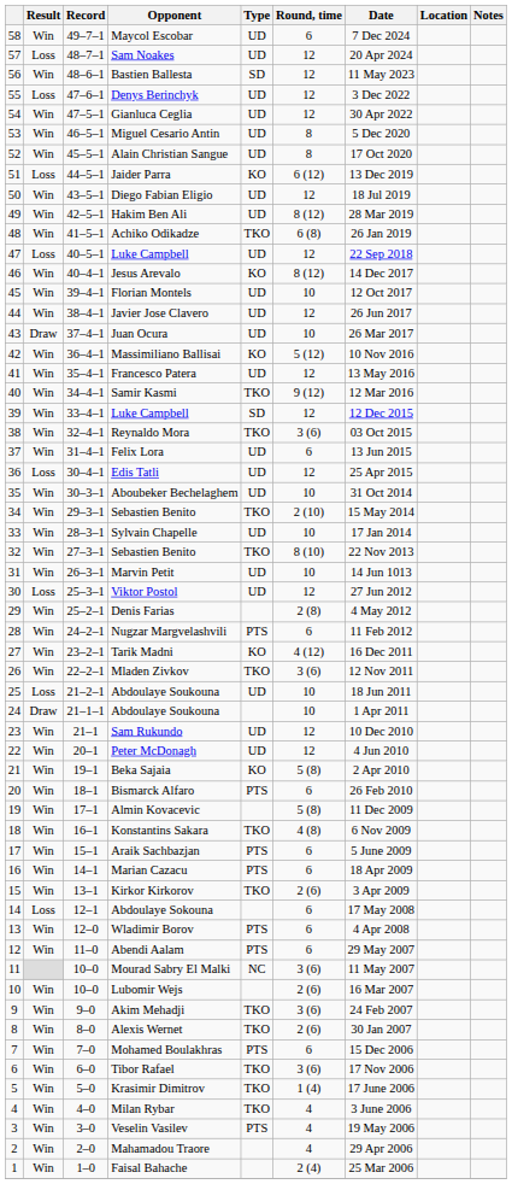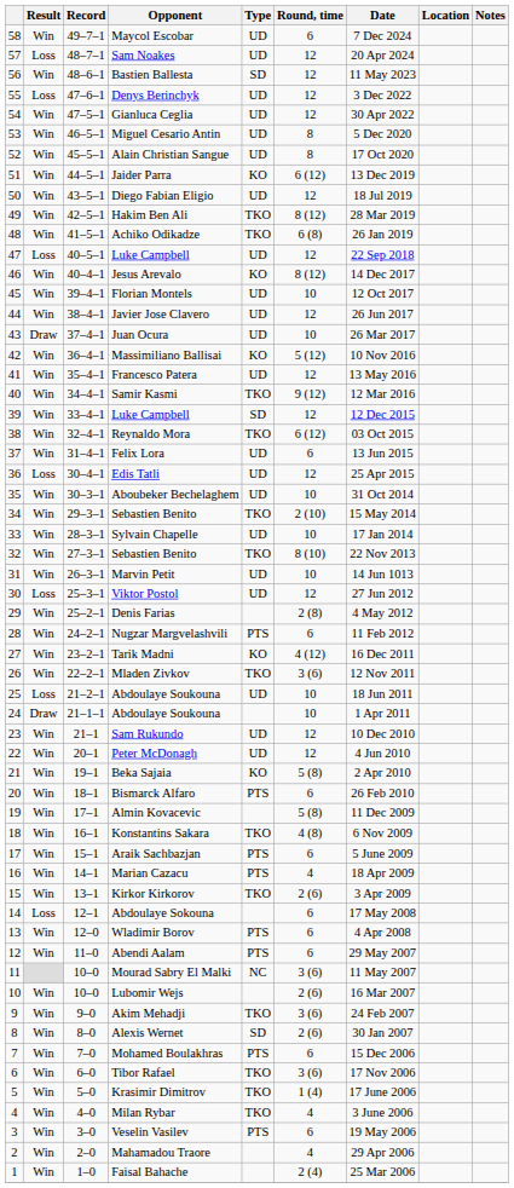 <table class="wikitable" style="text-align:center">
 <tr>
 <th></th>
 <th>Result</th>
 <th>Record</th>
 <th>Opponent</th>
 <th>Type</th>
 <th>Round, time</th>
 <th>Date</th>
 <th>Location</th>
 <th>Notes</th>
 </tr>
 <tr>
 <td>58</td>
 <td>Win</td>
 <td>49–7–1 </td>
 <td align="left">Maycol Escobar</td>
 <td>UD</td>
 <td>6</td>
 <td>7 Dec 2024</td>
 <td align=left></td>
 <td></td>
 </tr>
 <tr>
 <td>57</td>
 <td>Loss</td>
 <td>48–7–1 </td>
 <td align="left"><a href='#'>Sam Noakes</a></td>
 <td>UD</td>
 <td>12</td>
 <td>20 Apr 2024</td>
 <td align="left"></td>
 <td></td>
 </tr>
 <tr>
 <td>56</td>
 <td>Win</td>
 <td>48–6–1 </td>
 <td align=left>Bastien Ballesta</td>
 <td>SD</td>
 <td>12</td>
 <td>11 May 2023</td>
 <td align=left></td>
 <td style="text-align:left;"></td>
 </tr>
 <tr>
 <td>55</td>
 <td>Loss</td>
 <td>47–6–1 </td>
 <td align=left><a href='#'>Denys Berinchyk</a></td>
 <td>UD</td>
 <td>12</td>
 <td>3 Dec 2022</td>
 <td align=left></td>
 <td style="text-align:left;"></td>
 </tr>
 <tr>
 <td>54</td>
 <td>Win</td>
 <td>47–5–1 </td>
 <td align=left>Gianluca Ceglia</td>
 <td>UD</td>
 <td>12</td>
 <td>30 Apr 2022</td>
 <td align=left></td>
 <td style="text-align:left;"></td>
 </tr>
 <tr>
 <td>53</td>
 <td>Win</td>
 <td>46–5–1 </td>
 <td align=left>Miguel Cesario Antin</td>
 <td>UD</td>
 <td>8</td>
 <td>5 Dec 2020</td>
 <td align=left></td>
 <td></td>
 </tr>
 <tr>
 <td>52</td>
 <td>Win</td>
 <td>45–5–1 </td>
 <td align=left>Alain Christian Sangue</td>
 <td>UD</td>
 <td>8</td>
 <td>17 Oct 2020</td>
 <td align=left></td>
 <td></td>
 </tr>
 <tr>
 <td>51</td>
-<td>Loss</td>
+<td>Win</td>
 <td>44–5–1 </td>
 <td align=left>Jaider Parra</td>
 <td>KO</td>
 <td>6 (12)</td>
 <td>13 Dec 2019</td>
 <td align=left></td>
 <td></td>
 </tr>
 <tr>
 <td>50</td>
 <td>Win</td>
 <td>43–5–1 </td>
 <td align=left>Diego Fabian Eligio</td>
 <td>UD</td>
 <td>12</td>
 <td>18 Jul 2019</td>
 <td align=left></td>
 <td align=left></td>
 </tr>
 <tr>
 <td>49</td>
 <td>Win</td>
 <td>42–5–1 </td>
 <td align=left>Hakim Ben Ali</td>
-<td>UD</td>
+<td>TKO</td>
 <td>8 (12)</td>
 <td>28 Mar 2019</td>
 <td align=left></td>
 <td align=left></td>
 </tr>
 <tr>
 <td>48</td>
 <td>Win</td>
 <td>41–5–1 </td>
 <td align=left>Achiko Odikadze</td>
 <td>TKO</td>
 <td>6 (8)</td>
 <td>26 Jan 2019</td>
 <td align=left></td>
 <td></td>
 </tr>
 <tr>
 <td>47</td>
 <td>Loss</td>
 <td>40–5–1 </td>
 <td align=left><a href='#'>Luke Campbell</a></td>
 <td>UD</td>
 <td>12</td>
 <td><a href='#'>22 Sep 2018</a></td>
 <td align=left></td>
 <td></td>
 </tr>
 <tr>
 <td>46</td>
 <td>Win</td>
 <td>40–4–1 </td>
 <td align=left>Jesus Arevalo</td>
 <td>KO</td>
 <td>8 (12)</td>
 <td>14 Dec 2017</td>
 <td align=left></td>
 <td align=left></td>
 </tr>
 <tr>
 <td>45</td>
 <td>Win</td>
 <td>39–4–1 </td>
 <td align=left>Florian Montels</td>
 <td>UD</td>
 <td>10</td>
 <td>12 Oct 2017</td>
 <td align=left></td>
 <td></td>
 </tr>
 <tr>
 <td>44</td>
 <td>Win</td>
 <td>38–4–1 </td>
 <td align=left>Javier Jose Clavero</td>
 <td>UD</td>
 <td>12</td>
 <td>26 Jun 2017</td>
 <td align=left></td>
 <td align=left></td>
 </tr>
 <tr>
 <td>43</td>
 <td>Draw</td>
 <td>37–4–1 </td>
 <td align=left>Juan Ocura</td>
 <td>UD</td>
 <td>10</td>
 <td>26 Mar 2017</td>
 <td align=left></td>
 <td></td>
 </tr>
 <tr>
 <td>42</td>
 <td>Win</td>
 <td>36–4–1 </td>
 <td align=left>Massimiliano Ballisai</td>
 <td>KO</td>
 <td>5 (12)</td>
 <td>10 Nov 2016</td>
 <td align=left></td>
 <td align=left></td>
 </tr>
 <tr>
 <td>41</td>
 <td>Win</td>
 <td>35–4–1 </td>
 <td align=left>Francesco Patera</td>
 <td>UD</td>
 <td>12</td>
 <td>13 May 2016</td>
 <td align=left></td>
 <td align=left></td>
 </tr>
 <tr>
 <td>40</td>
 <td>Win</td>
 <td>34–4–1 </td>
 <td align=left>Samir Kasmi</td>
 <td>TKO</td>
 <td>9 (12)</td>
 <td>12 Mar 2016</td>
 <td align=left></td>
 <td align=left></td>
 </tr>
 <tr>
 <td>39</td>
 <td>Win</td>
 <td>33–4–1 </td>
 <td align=left><a href='#'>Luke Campbell</a></td>
 <td>SD</td>
 <td>12</td>
 <td><a href='#'>12 Dec 2015</a></td>
 <td align=left></td>
 <td align=left></td>
 </tr>
 <tr>
 <td>38</td>
 <td>Win</td>
 <td>32–4–1 </td>
 <td align=left>Reynaldo Mora</td>
 <td>TKO</td>
-<td>3 (6)</td>
+<td>6 (12)</td>
 <td>03 Oct 2015</td>
 <td align=left></td>
 <td></td>
 </tr>
 <tr align=center>
 <td>37</td>
 <td>Win</td>
 <td>31–4–1 </td>
 <td align=left>Felix Lora</td>
 <td>UD</td>
 <td>6</td>
 <td>13 Jun 2015</td>
 <td align=left></td>
 <td></td>
 </tr>
 <tr align=center>
 <td>36</td>
 <td>Loss</td>
 <td>30–4–1 </td>
 <td align=left><a href='#'>Edis Tatli</a></td>
 <td>UD</td>
 <td>12</td>
 <td>25 Apr 2015</td>
 <td align=left></td>
 <td align=left></td>
 </tr>
 <tr align=center>
 <td>35</td>
 <td>Win</td>
 <td>30–3–1 </td>
 <td align=left>Aboubeker Bechelaghem</td>
 <td>UD</td>
 <td>10</td>
 <td>31 Oct 2014</td>
 <td align=left></td>
 <td align=left></td>
 </tr>
 <tr>
 <td>34</td>
 <td>Win</td>
 <td>29–3–1 </td>
 <td align=left>Sebastien Benito</td>
 <td>TKO</td>
 <td>2 (10)</td>
 <td>15 May 2014</td>
 <td align=left></td>
 <td style="text-align:left;"></td>
 </tr>
 <tr>
 <td>33</td>
 <td>Win</td>
 <td>28–3–1 </td>
 <td align=left>Sylvain Chapelle</td>
 <td>UD</td>
 <td>10</td>
 <td>17 Jan 2014</td>
 <td align=left></td>
 <td style="text-align:left;"></td>
 </tr>
 <tr>
 <td>32</td>
 <td>Win</td>
 <td>27–3–1 </td>
 <td align=left>Sebastien Benito</td>
 <td>TKO</td>
 <td>8 (10)</td>
 <td>22 Nov 2013</td>
 <td align=left></td>
 <td style="text-align:left;"></td>
 </tr>
 <tr>
 <td>31</td>
 <td>Win</td>
 <td>26–3–1 </td>
 <td align=left>Marvin Petit</td>
 <td>UD</td>
 <td>10</td>
 <td>14 Jun 1013</td>
 <td align=left></td>
 <td style="text-align:left;"></td>
 </tr>
 <tr>
 <td>30</td>
 <td>Loss</td>
 <td>25–3–1 </td>
 <td align=left><a href='#'>Viktor Postol</a></td>
 <td>UD</td>
 <td>12</td>
 <td>27 Jun 2012</td>
 <td align=left></td>
 <td style="text-align:left;"></td>
 </tr>
 <tr>
 <td>29</td>
 <td>Win</td>
 <td>25–2–1 </td>
 <td align=left>Denis Farias</td>
 <td></td>
 <td>2 (8)</td>
 <td>4 May 2012</td>
 <td align=left></td>
 <td></td>
 </tr>
 <tr>
 <td>28</td>
 <td>Win</td>
 <td>24–2–1 </td>
 <td align=left>Nugzar Margvelashvili</td>
 <td>PTS</td>
 <td>6</td>
 <td>11 Feb 2012</td>
 <td align=left></td>
 <td></td>
 </tr>
 <tr>
 <td>27</td>
 <td>Win</td>
 <td>23–2–1 </td>
 <td align=left>Tarik Madni</td>
 <td>KO</td>
 <td>4 (12)</td>
 <td>16 Dec 2011</td>
 <td align=left></td>
 <td style="text-align:left;"></td>
 </tr>
 <tr>
 <td>26</td>
 <td>Win</td>
 <td>22–2–1 </td>
 <td align=left>Mladen Zivkov</td>
 <td>TKO</td>
 <td>3 (6)</td>
 <td>12 Nov 2011</td>
 <td align=left></td>
 <td></td>
 </tr>
 <tr>
 <td>25</td>
 <td>Loss</td>
 <td>21–2–1 </td>
 <td align=left>Abdoulaye Soukouna</td>
 <td>UD</td>
 <td>10</td>
 <td>18 Jun 2011</td>
 <td align=left></td>
 <td style="text-align:left;"></td>
 </tr>
 <tr>
 <td>24</td>
 <td>Draw</td>
 <td>21–1–1 </td>
 <td align=left>Abdoulaye Soukouna</td>
 <td></td>
 <td>10</td>
 <td>1 Apr 2011</td>
 <td align=left></td>
 <td style="text-align:left;"></td>
 </tr>
 <tr>
 <td>23</td>
 <td>Win</td>
 <td>21–1 </td>
 <td align=left><a href='#'>Sam Rukundo</a></td>
 <td>UD</td>
 <td>12</td>
 <td>10 Dec 2010</td>
 <td align=left></td>
 <td style="text-align:left;"></td>
 </tr>
 <tr>
 <td>22</td>
 <td>Win</td>
 <td>20–1 </td>
 <td align=left><a href='#'>Peter McDonagh</a></td>
 <td>UD</td>
 <td>12</td>
 <td>4 Jun 2010</td>
 <td align=left></td>
 <td style="text-align:left;"></td>
 </tr>
 <tr>
 <td>21</td>
 <td>Win</td>
 <td>19–1 </td>
 <td align=left>Beka Sajaia</td>
 <td>KO</td>
 <td>5 (8)</td>
 <td>2 Apr 2010</td>
 <td align=left></td>
 <td></td>
 </tr>
 <tr>
 <td>20</td>
 <td>Win</td>
 <td>18–1 </td>
 <td align=left>Bismarck Alfaro</td>
 <td>PTS</td>
 <td>6</td>
 <td>26 Feb 2010</td>
 <td align=left></td>
 <td></td>
 </tr>
 <tr>
 <td>19</td>
 <td>Win</td>
 <td>17–1 </td>
 <td align=left>Almin Kovacevic</td>
 <td></td>
 <td>5 (8)</td>
 <td>11 Dec 2009</td>
 <td align=left></td>
 <td></td>
 </tr>
 <tr>
 <td>18</td>
 <td>Win</td>
 <td>16–1 </td>
 <td align=left>Konstantins Sakara</td>
 <td>TKO</td>
 <td>4 (8)</td>
 <td>6 Nov 2009</td>
 <td align=left></td>
 <td></td>
 </tr>
 <tr>
 <td>17</td>
 <td>Win</td>
 <td>15–1 </td>
 <td align=left>Araik Sachbazjan</td>
 <td>PTS</td>
 <td>6</td>
 <td>5 June 2009</td>
 <td align=left></td>
 <td></td>
 </tr>
 <tr>
 <td>16</td>
 <td>Win</td>
 <td>14–1 </td>
 <td align=left>Marian Cazacu</td>
 <td>PTS</td>
-<td>6</td>
+<td>4</td>
 <td>18 Apr 2009</td>
 <td align=left></td>
 <td></td>
 </tr>
 <tr>
 <td>15</td>
 <td>Win</td>
 <td>13–1 </td>
 <td align=left>Kirkor Kirkorov</td>
 <td>TKO</td>
 <td>2 (6)</td>
 <td>3 Apr 2009</td>
 <td align=left></td>
 <td></td>
 </tr>
 <tr>
 <td>14</td>
 <td>Loss</td>
 <td>12–1 </td>
 <td align=left>Abdoulaye Sokouna</td>
 <td></td>
 <td>6</td>
 <td>17 May 2008</td>
 <td align=left></td>
 <td></td>
 </tr>
 <tr>
 <td>13</td>
 <td>Win</td>
 <td>12–0 </td>
 <td align=left>Wladimir Borov</td>
 <td>PTS</td>
 <td>6</td>
 <td>4 Apr 2008</td>
 <td align=left></td>
 <td></td>
 </tr>
 <tr>
 <td>12</td>
 <td>Win</td>
 <td>11–0 </td>
 <td align=left>Abendi Aalam</td>
 <td>PTS</td>
 <td>6</td>
 <td>29 May 2007</td>
 <td align=left></td>
 <td></td>
 </tr>
 <tr>
 <td>11</td>
 <td style="background:#DDD"></td>
 <td>10–0 </td>
 <td align=left>Mourad Sabry El Malki</td>
 <td>NC</td>
 <td>3 (6)</td>
 <td>11 May 2007</td>
 <td align=left></td>
 <td></td>
 </tr>
 <tr>
 <td>10</td>
 <td>Win</td>
 <td>10–0</td>
 <td align=left>Lubomir Wejs</td>
 <td></td>
 <td>2 (6)</td>
 <td>16 Mar 2007</td>
 <td align=left></td>
 <td></td>
 </tr>
 <tr>
 <td>9</td>
 <td>Win</td>
 <td>9–0</td>
 <td align=left>Akim Mehadji</td>
 <td>TKO</td>
 <td>3 (6)</td>
 <td>24 Feb 2007</td>
 <td align=left></td>
 <td></td>
 </tr>
 <tr>
 <td>8</td>
 <td>Win</td>
 <td>8–0</td>
 <td align=left>Alexis Wernet</td>
-<td>TKO</td>
+<td>SD</td>
 <td>2 (6)</td>
 <td>30 Jan 2007</td>
 <td align=left></td>
 <td></td>
 </tr>
 <tr>
 <td>7</td>
 <td>Win</td>
 <td>7–0</td>
 <td align=left>Mohamed Boulakhras</td>
 <td>PTS</td>
 <td>6</td>
 <td>15 Dec 2006</td>
 <td align=left></td>
 <td></td>
 </tr>
 <tr>
 <td>6</td>
 <td>Win</td>
 <td>6–0</td>
 <td align=left>Tibor Rafael</td>
 <td>TKO</td>
 <td>3 (6)</td>
 <td>17 Nov 2006</td>
 <td align=left></td>
 <td></td>
 </tr>
 <tr>
 <td>5</td>
 <td>Win</td>
 <td>5–0</td>
 <td align=left>Krasimir Dimitrov</td>
 <td>TKO</td>
 <td>1 (4)</td>
 <td>17 June 2006</td>
 <td align=left></td>
 <td></td>
 </tr>
 <tr>
 <td>4</td>
 <td>Win</td>
 <td>4–0</td>
 <td align=left>Milan Rybar</td>
 <td>TKO</td>
 <td>4</td>
 <td>3 June 2006</td>
 <td align=left></td>
 <td></td>
 </tr>
 <tr>
 <td>3</td>
 <td>Win</td>
 <td>3–0</td>
 <td align=left>Veselin Vasilev</td>
 <td>PTS</td>
-<td>4</td>
+<td>6</td>
 <td>19 May 2006</td>
 <td align=left></td>
 <td></td>
 </tr>
 <tr>
 <td>2</td>
 <td>Win</td>
 <td>2–0</td>
 <td align=left>Mahamadou Traore</td>
 <td></td>
 <td>4</td>
 <td>29 Apr 2006</td>
 <td align=left></td>
 <td></td>
 </tr>
 <tr>
 <td>1</td>
 <td>Win</td>
 <td>1–0</td>
 <td align=left>Faisal Bahache</td>
 <td></td>
 <td>2 (4)</td>
 <td>25 Mar 2006</td>
 <td align=left></td>
 <td></td>
 </tr>
 <tr>
 </tr>
 </table>
